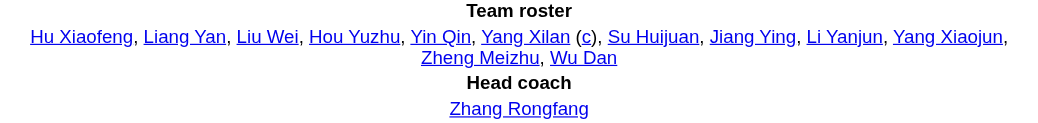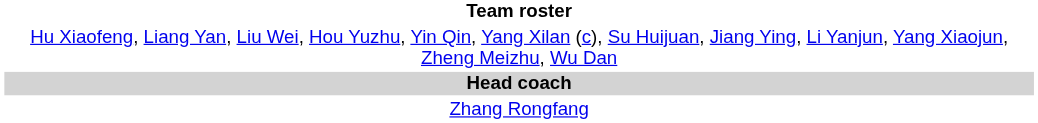 <table style="text-align: center; margin-top: 2em; margin-left: auto; margin-right: auto">
 <tr>
 <td><strong>Team roster</strong></td>
 </tr>
 <tr>
 <td><a href='#'>Hu Xiaofeng</a>, <a href='#'>Liang Yan</a>, <a href='#'>Liu Wei</a>, <a href='#'>Hou Yuzhu</a>, <a href='#'>Yin Qin</a>, <a href='#'>Yang Xilan</a> (<a href='#'>c</a>), <a href='#'>Su Huijuan</a>, <a href='#'>Jiang Ying</a>, <a href='#'>Li Yanjun</a>, <a href='#'>Yang Xiaojun</a>, <a href='#'>Zheng Meizhu</a>, <a href='#'>Wu Dan</a></td>
 </tr>
 <tr>
-<td><strong>Head coach</strong></td>
+<td style="background: lightgrey;"><strong>Head coach</strong></td>
 </tr>
 <tr>
 <td><a href='#'>Zhang Rongfang</a></td>
 </tr>
 <tr>
 </tr>
 </table>
